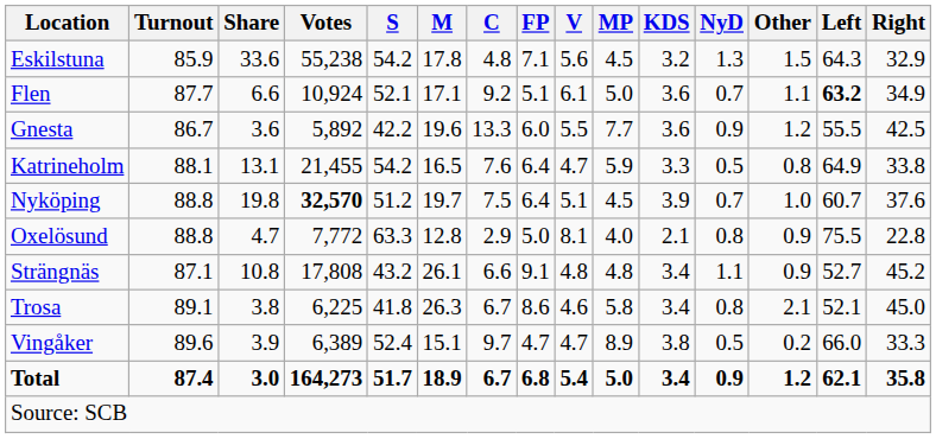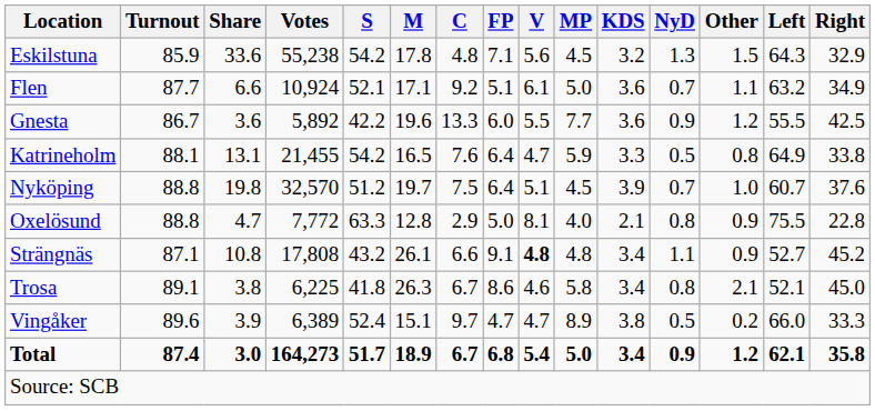 <table class="wikitable sortable" style=text-align:right>
 <tr>
 <th>Location</th>
 <th>Turnout</th>
 <th>Share</th>
 <th>Votes</th>
 <th><a href='#'>S</a></th>
 <th><a href='#'>M</a></th>
 <th><a href='#'>C</a></th>
 <th><a href='#'>FP</a></th>
 <th><a href='#'>V</a></th>
 <th><a href='#'>MP</a></th>
 <th><a href='#'>KDS</a></th>
 <th><a href='#'>NyD</a></th>
 <th>Other</th>
 <th>Left</th>
 <th>Right</th>
 </tr>
 <tr>
 <td align=left><a href='#'>Eskilstuna</a></td>
 <td>85.9</td>
 <td>33.6</td>
 <td>55,238</td>
 <td>54.2</td>
 <td>17.8</td>
 <td>4.8</td>
 <td>7.1</td>
 <td>5.6</td>
 <td>4.5</td>
 <td>3.2</td>
 <td>1.3</td>
 <td>1.5</td>
 <td>64.3</td>
 <td>32.9</td>
 </tr>
 <tr>
 <td align=left><a href='#'>Flen</a></td>
 <td>87.7</td>
 <td>6.6</td>
 <td>10,924</td>
 <td>52.1</td>
 <td>17.1</td>
 <td>9.2</td>
 <td>5.1</td>
 <td>6.1</td>
 <td>5.0</td>
 <td>3.6</td>
 <td>0.7</td>
 <td>1.1</td>
-<td><strong>63.2</strong></td>
+<td>63.2</td>
 <td>34.9</td>
 </tr>
 <tr>
 <td align=left><a href='#'>Gnesta</a></td>
 <td>86.7</td>
 <td>3.6</td>
 <td>5,892</td>
 <td>42.2</td>
 <td>19.6</td>
 <td>13.3</td>
 <td>6.0</td>
 <td>5.5</td>
 <td>7.7</td>
 <td>3.6</td>
 <td>0.9</td>
 <td>1.2</td>
 <td>55.5</td>
 <td>42.5</td>
 </tr>
 <tr>
 <td align=left><a href='#'>Katrineholm</a></td>
 <td>88.1</td>
 <td>13.1</td>
 <td>21,455</td>
 <td>54.2</td>
 <td>16.5</td>
 <td>7.6</td>
 <td>6.4</td>
 <td>4.7</td>
 <td>5.9</td>
 <td>3.3</td>
 <td>0.5</td>
 <td>0.8</td>
 <td>64.9</td>
 <td>33.8</td>
 </tr>
 <tr>
 <td align=left><a href='#'>Nyköping</a></td>
 <td>88.8</td>
 <td>19.8</td>
-<td><strong>32,570</strong></td>
+<td>32,570</td>
 <td>51.2</td>
 <td>19.7</td>
 <td>7.5</td>
 <td>6.4</td>
 <td>5.1</td>
 <td>4.5</td>
 <td>3.9</td>
 <td>0.7</td>
 <td>1.0</td>
 <td>60.7</td>
 <td>37.6</td>
 </tr>
 <tr>
 <td align=left><a href='#'>Oxelösund</a></td>
 <td>88.8</td>
 <td>4.7</td>
 <td>7,772</td>
 <td>63.3</td>
 <td>12.8</td>
 <td>2.9</td>
 <td>5.0</td>
 <td>8.1</td>
 <td>4.0</td>
 <td>2.1</td>
 <td>0.8</td>
 <td>0.9</td>
 <td>75.5</td>
 <td>22.8</td>
 </tr>
 <tr>
 <td align=left><a href='#'>Strängnäs</a></td>
 <td>87.1</td>
 <td>10.8</td>
 <td>17,808</td>
 <td>43.2</td>
 <td>26.1</td>
 <td>6.6</td>
 <td>9.1</td>
-<td>4.8</td>
+<td><strong>4.8</strong></td>
 <td>4.8</td>
 <td>3.4</td>
 <td>1.1</td>
 <td>0.9</td>
 <td>52.7</td>
 <td>45.2</td>
 </tr>
 <tr>
 <td align=left><a href='#'>Trosa</a></td>
 <td>89.1</td>
 <td>3.8</td>
 <td>6,225</td>
 <td>41.8</td>
 <td>26.3</td>
 <td>6.7</td>
 <td>8.6</td>
 <td>4.6</td>
 <td>5.8</td>
 <td>3.4</td>
 <td>0.8</td>
 <td>2.1</td>
 <td>52.1</td>
 <td>45.0</td>
 </tr>
 <tr>
 <td align=left><a href='#'>Vingåker</a></td>
 <td>89.6</td>
 <td>3.9</td>
 <td>6,389</td>
 <td>52.4</td>
 <td>15.1</td>
 <td>9.7</td>
 <td>4.7</td>
 <td>4.7</td>
 <td>8.9</td>
 <td>3.8</td>
 <td>0.5</td>
 <td>0.2</td>
 <td>66.0</td>
 <td>33.3</td>
 </tr>
 <tr>
 <td align=left><strong>Total</strong></td>
 <td><strong>87.4</strong></td>
 <td><strong>3.0</strong></td>
 <td><strong>164,273</strong></td>
 <td><strong>51.7</strong></td>
 <td><strong>18.9</strong></td>
 <td><strong>6.7</strong></td>
 <td><strong>6.8</strong></td>
 <td><strong>5.4</strong></td>
 <td><strong>5.0</strong></td>
 <td><strong>3.4</strong></td>
 <td><strong>0.9</strong></td>
 <td><strong>1.2</strong></td>
 <td><strong>62.1</strong></td>
 <td><strong>35.8</strong></td>
 </tr>
 <tr>
 <td align=left colspan=15>Source: SCB </td>
 </tr>
 </table>
